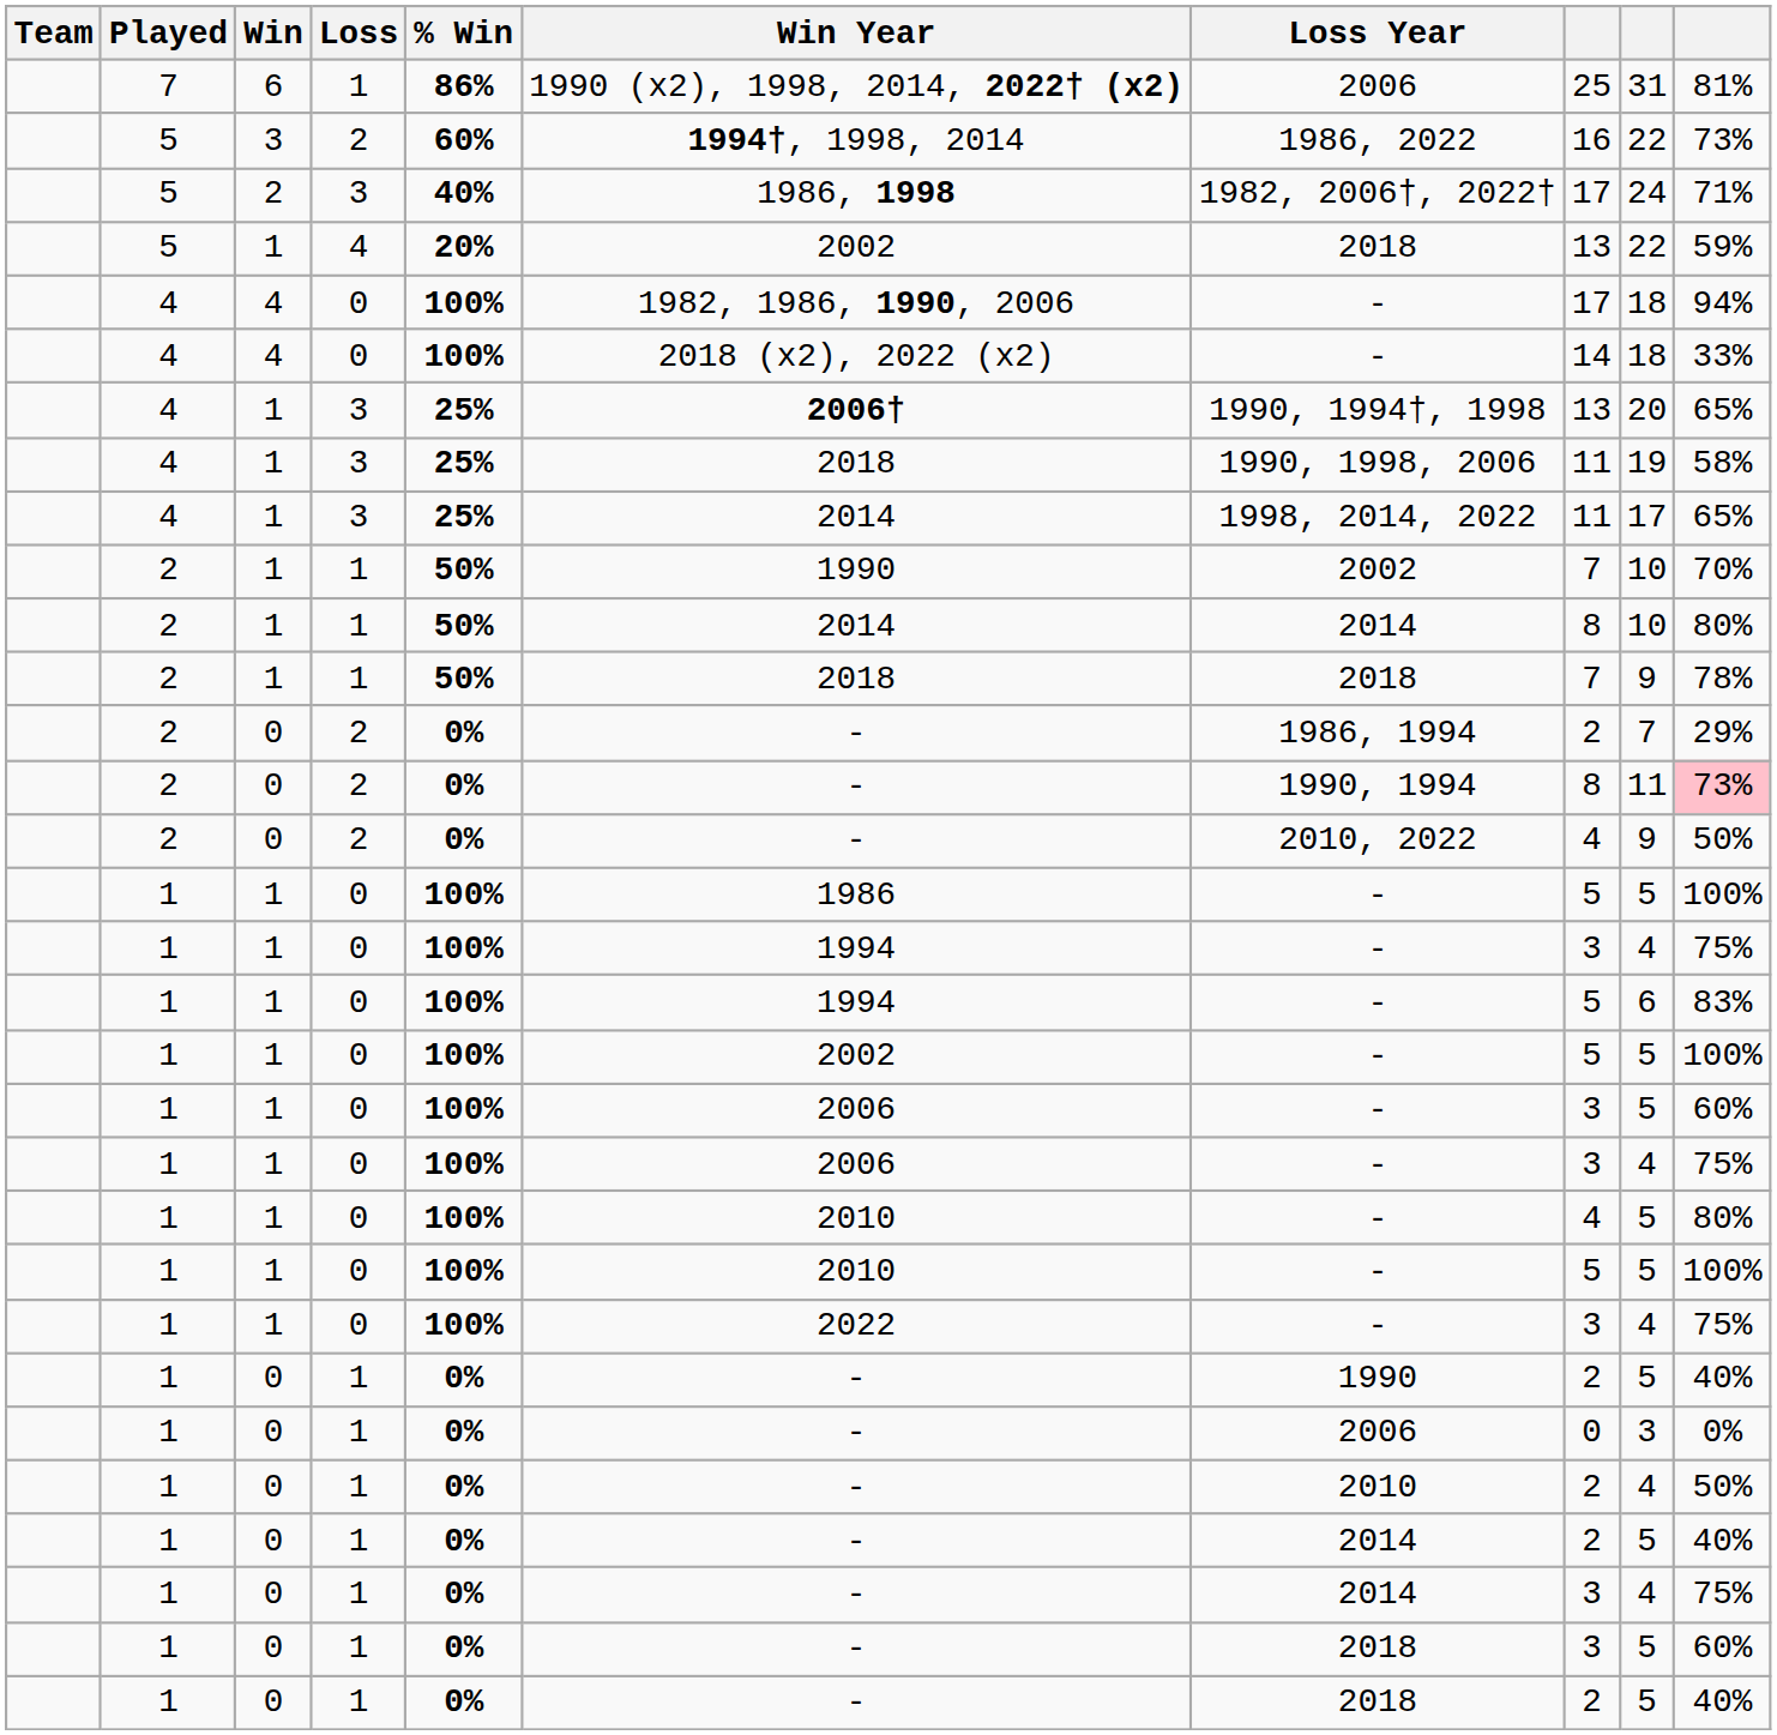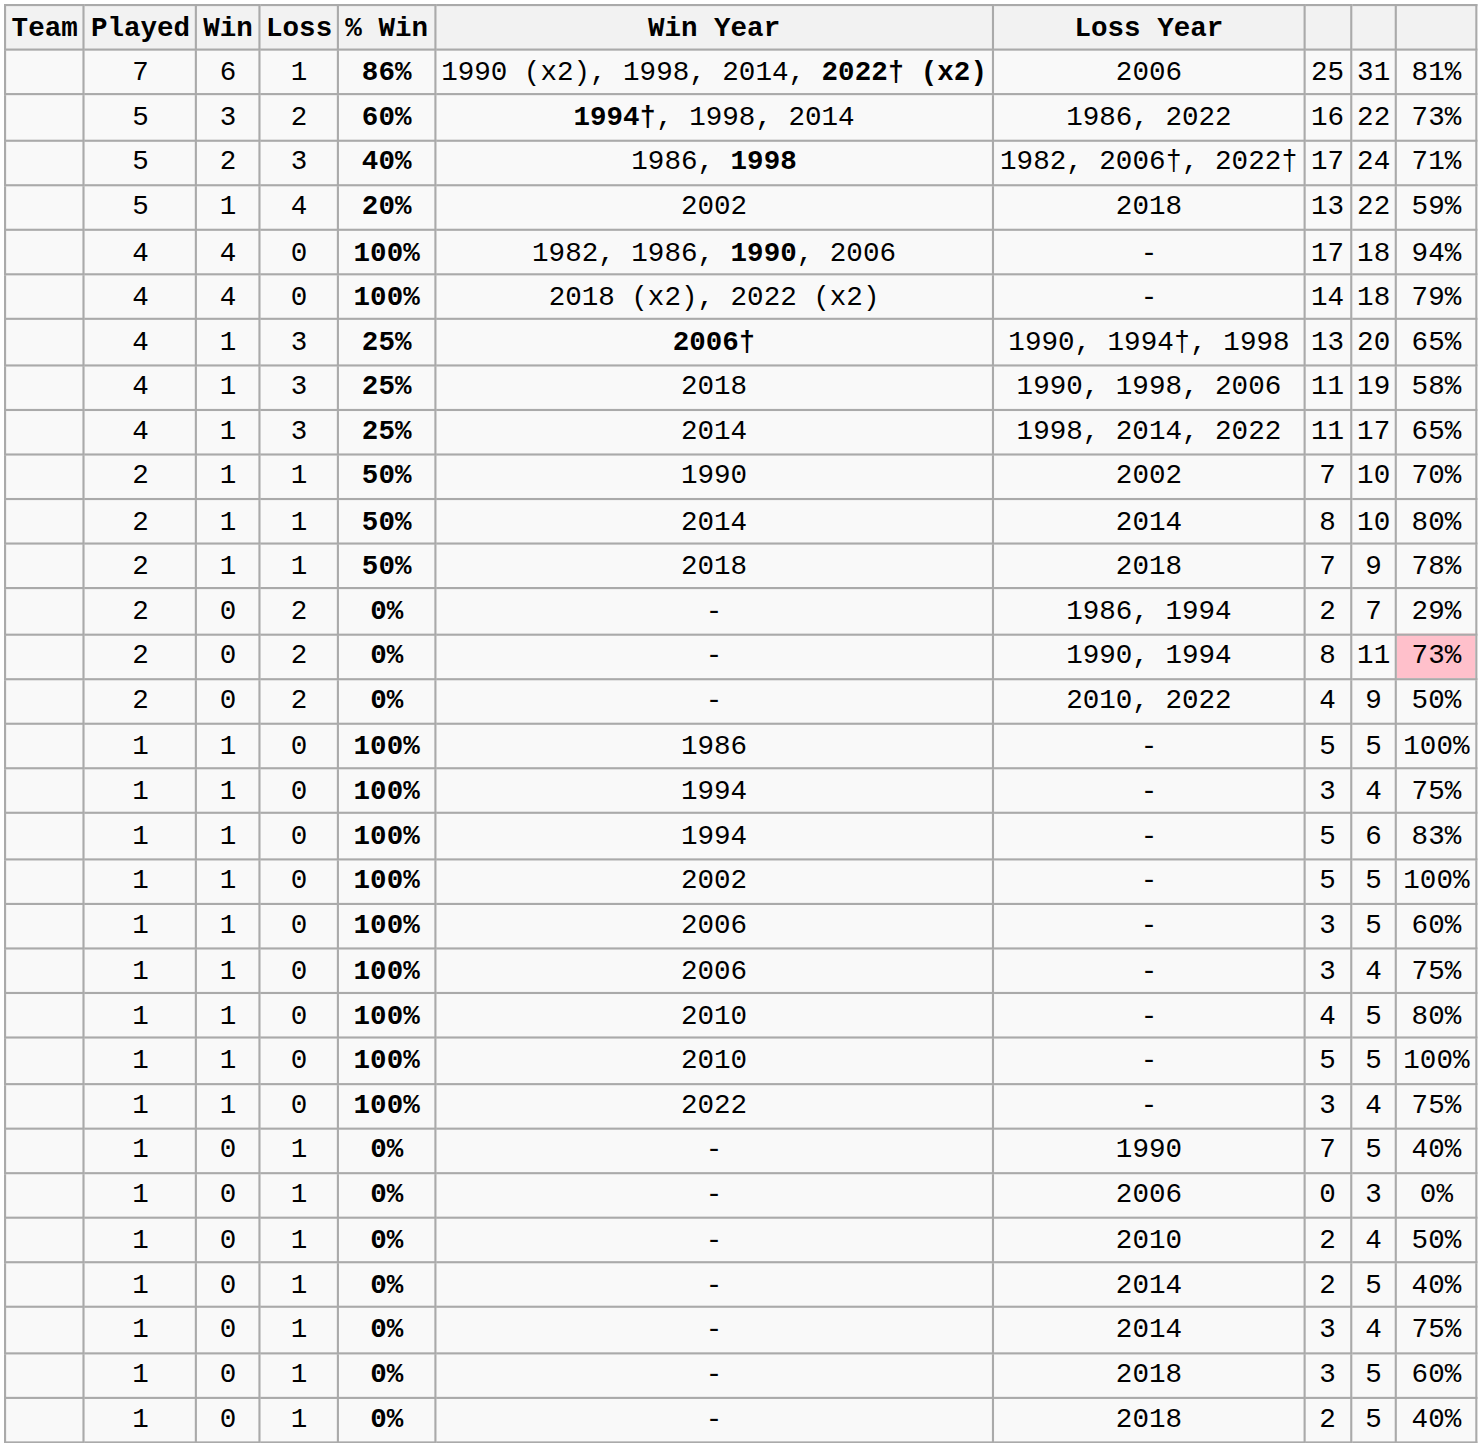 <table class="wikitable sortable" style="text-align: center;">
 <tr>
 <th>Team</th>
 <th>Played</th>
 <th>Win</th>
 <th>Loss</th>
 <th>% Win</th>
 <th>Win Year</th>
 <th>Loss Year</th>
 <th></th>
 <th></th>
 <th></th>
 </tr>
 <tr>
 <td align=left></td>
 <td>7</td>
 <td>6</td>
 <td>1</td>
 <td><strong>86%</strong></td>
 <td>1990 (x2), 1998, 2014, <strong>2022† (x2)</strong></td>
 <td>2006</td>
 <td>25</td>
 <td>31</td>
 <td>81%</td>
 </tr>
 <tr>
 <td align=left></td>
 <td>5</td>
 <td>3</td>
 <td>2</td>
 <td><strong>60%</strong></td>
 <td><strong>1994†</strong>, 1998, 2014</td>
 <td>1986, 2022</td>
 <td>16</td>
 <td>22</td>
 <td>73%</td>
 </tr>
 <tr>
 <td align=left></td>
 <td>5</td>
 <td>2</td>
 <td>3</td>
 <td><strong>40%</strong></td>
 <td>1986, <strong>1998</strong></td>
 <td>1982, 2006†, 2022†</td>
 <td>17</td>
 <td>24</td>
 <td>71%</td>
 </tr>
 <tr>
 <td align=left></td>
 <td>5</td>
 <td>1</td>
 <td>4</td>
 <td><strong>20%</strong></td>
 <td>2002</td>
 <td>2018</td>
 <td>13</td>
 <td>22</td>
 <td>59%</td>
 </tr>
 <tr>
 <td align=left></td>
 <td>4</td>
 <td>4</td>
 <td>0</td>
 <td><strong>100%</strong></td>
 <td>1982, 1986, <strong>1990</strong>, 2006</td>
 <td>-</td>
 <td>17</td>
 <td>18</td>
 <td>94%</td>
 </tr>
 <tr>
 <td align=left></td>
 <td>4</td>
 <td>4</td>
 <td>0</td>
 <td><strong>100%</strong></td>
 <td>2018 (x2), 2022 (x2)</td>
 <td>-</td>
 <td>14</td>
 <td>18</td>
-<td>33%</td>
+<td>79%</td>
 </tr>
 <tr>
 <td align=left></td>
 <td>4</td>
 <td>1</td>
 <td>3</td>
 <td><strong>25%</strong></td>
 <td><strong>2006†</strong></td>
 <td>1990, 1994†, 1998</td>
 <td>13</td>
 <td>20</td>
 <td>65%</td>
 </tr>
 <tr>
 <td align=left></td>
 <td>4</td>
 <td>1</td>
 <td>3</td>
 <td><strong>25%</strong></td>
 <td>2018</td>
 <td>1990, 1998, 2006</td>
 <td>11</td>
 <td>19</td>
 <td>58%</td>
 </tr>
 <tr>
 <td align=left></td>
 <td>4</td>
 <td>1</td>
 <td>3</td>
 <td><strong>25%</strong></td>
 <td>2014</td>
 <td>1998, 2014, 2022</td>
 <td>11</td>
 <td>17</td>
 <td>65%</td>
 </tr>
 <tr>
 <td align=left></td>
 <td>2</td>
 <td>1</td>
 <td>1</td>
 <td><strong>50%</strong></td>
 <td>1990</td>
 <td>2002</td>
 <td>7</td>
 <td>10</td>
 <td>70%</td>
 </tr>
 <tr>
 <td align=left></td>
 <td>2</td>
 <td>1</td>
 <td>1</td>
 <td><strong>50%</strong></td>
 <td>2014</td>
 <td>2014</td>
 <td>8</td>
 <td>10</td>
 <td>80%</td>
 </tr>
 <tr>
 <td align=left></td>
 <td>2</td>
 <td>1</td>
 <td>1</td>
 <td><strong>50%</strong></td>
 <td>2018</td>
 <td>2018</td>
 <td>7</td>
 <td>9</td>
 <td>78%</td>
 </tr>
 <tr>
 <td align=left></td>
 <td>2</td>
 <td>0</td>
 <td>2</td>
 <td><strong>0%</strong></td>
 <td>-</td>
 <td>1986, 1994</td>
 <td>2</td>
 <td>7</td>
 <td>29%</td>
 </tr>
 <tr>
 <td align=left></td>
 <td>2</td>
 <td>0</td>
 <td>2</td>
 <td><strong>0%</strong></td>
 <td>-</td>
 <td>1990, 1994</td>
 <td>8</td>
 <td>11</td>
 <td style="background: pink;">73%</td>
 </tr>
 <tr>
 <td align=left></td>
 <td>2</td>
 <td>0</td>
 <td>2</td>
 <td><strong>0%</strong></td>
 <td>-</td>
 <td>2010, 2022</td>
 <td>4</td>
 <td>9</td>
 <td>50%</td>
 </tr>
 <tr>
 <td align=left></td>
 <td>1</td>
 <td>1</td>
 <td>0</td>
 <td><strong>100%</strong></td>
 <td>1986</td>
 <td>-</td>
 <td>5</td>
 <td>5</td>
 <td>100%</td>
 </tr>
 <tr>
 <td align=left></td>
 <td>1</td>
 <td>1</td>
 <td>0</td>
 <td><strong>100%</strong></td>
 <td>1994</td>
 <td>-</td>
 <td>3</td>
 <td>4</td>
 <td>75%</td>
 </tr>
 <tr>
 <td align=left></td>
 <td>1</td>
 <td>1</td>
 <td>0</td>
 <td><strong>100%</strong></td>
 <td>1994</td>
 <td>-</td>
 <td>5</td>
 <td>6</td>
 <td>83%</td>
 </tr>
 <tr>
 <td align=left></td>
 <td>1</td>
 <td>1</td>
 <td>0</td>
 <td><strong>100%</strong></td>
 <td>2002</td>
 <td>-</td>
 <td>5</td>
 <td>5</td>
 <td>100%</td>
 </tr>
 <tr>
 <td align=left></td>
 <td>1</td>
 <td>1</td>
 <td>0</td>
 <td><strong>100%</strong></td>
 <td>2006</td>
 <td>-</td>
 <td>3</td>
 <td>5</td>
 <td>60%</td>
 </tr>
 <tr>
 <td align=left></td>
 <td>1</td>
 <td>1</td>
 <td>0</td>
 <td><strong>100%</strong></td>
 <td>2006</td>
 <td>-</td>
 <td>3</td>
 <td>4</td>
 <td>75%</td>
 </tr>
 <tr>
 <td align=left></td>
 <td>1</td>
 <td>1</td>
 <td>0</td>
 <td><strong>100%</strong></td>
 <td>2010</td>
 <td>-</td>
 <td>4</td>
 <td>5</td>
 <td>80%</td>
 </tr>
 <tr>
 <td align=left></td>
 <td>1</td>
 <td>1</td>
 <td>0</td>
 <td><strong>100%</strong></td>
 <td>2010</td>
 <td>-</td>
 <td>5</td>
 <td>5</td>
 <td>100%</td>
 </tr>
 <tr>
 <td align=left></td>
 <td>1</td>
 <td>1</td>
 <td>0</td>
 <td><strong>100%</strong></td>
 <td>2022</td>
 <td>-</td>
 <td>3</td>
 <td>4</td>
 <td>75%</td>
 </tr>
 <tr>
 <td align=left></td>
 <td>1</td>
 <td>0</td>
 <td>1</td>
 <td><strong>0%</strong></td>
 <td>-</td>
 <td>1990</td>
-<td>2</td>
+<td>7</td>
 <td>5</td>
 <td>40%</td>
 </tr>
 <tr>
 <td align=left></td>
 <td>1</td>
 <td>0</td>
 <td>1</td>
 <td><strong>0%</strong></td>
 <td>-</td>
 <td>2006</td>
 <td>0</td>
 <td>3</td>
 <td>0%</td>
 </tr>
 <tr>
 <td align=left></td>
 <td>1</td>
 <td>0</td>
 <td>1</td>
 <td><strong>0%</strong></td>
 <td>-</td>
 <td>2010</td>
 <td>2</td>
 <td>4</td>
 <td>50%</td>
 </tr>
 <tr>
 <td align=left></td>
 <td>1</td>
 <td>0</td>
 <td>1</td>
 <td><strong>0%</strong></td>
 <td>-</td>
 <td>2014</td>
 <td>2</td>
 <td>5</td>
 <td>40%</td>
 </tr>
 <tr>
 <td align=left></td>
 <td>1</td>
 <td>0</td>
 <td>1</td>
 <td><strong>0%</strong></td>
 <td>-</td>
 <td>2014</td>
 <td>3</td>
 <td>4</td>
 <td>75%</td>
 </tr>
 <tr>
 <td align=left></td>
 <td>1</td>
 <td>0</td>
 <td>1</td>
 <td><strong>0%</strong></td>
 <td>-</td>
 <td>2018</td>
 <td>3</td>
 <td>5</td>
 <td>60%</td>
 </tr>
 <tr>
 <td align=left></td>
 <td>1</td>
 <td>0</td>
 <td>1</td>
 <td><strong>0%</strong></td>
 <td>-</td>
 <td>2018</td>
 <td>2</td>
 <td>5</td>
 <td>40%</td>
 </tr>
 </table>
